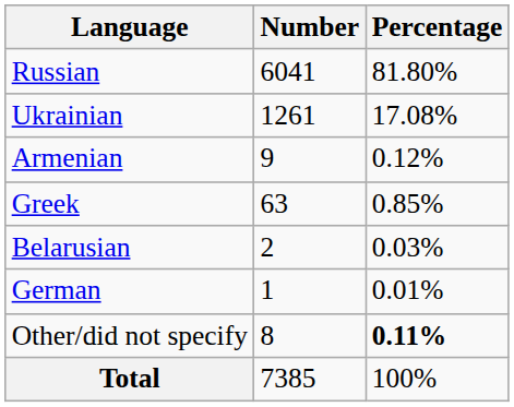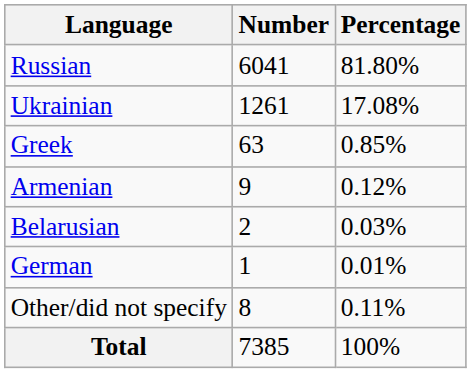 <table class="wikitable sortable’">
 <tr>
 <th>Language</th>
 <th>Number</th>
 <th>Percentage</th>
 </tr>
 <tr>
 <td><a href='#'>Russian</a></td>
 <td>6041</td>
 <td>81.80%</td>
 </tr>
 <tr>
 <td><a href='#'>Ukrainian</a></td>
 <td>1261</td>
 <td>17.08%</td>
 </tr>
 <tr>
+<td><a href='#'>Greek</a></td>
+<td>63</td>
+<td>0.85%</td>
+</tr>
+<tr>
 <td><a href='#'>Armenian</a></td>
 <td>9</td>
 <td>0.12%</td>
-</tr>
-<tr>
-<td><a href='#'>Greek</a></td>
-<td>63</td>
-<td>0.85%</td>
 </tr>
 <tr>
 <td><a href='#'>Belarusian</a></td>
 <td>2</td>
 <td>0.03%</td>
 </tr>
 <tr>
 <td><a href='#'>German</a></td>
 <td>1</td>
 <td>0.01%</td>
 </tr>
 <tr>
 <td>Other/did not specify</td>
 <td>8</td>
-<td><strong>0.11%</strong></td>
+<td>0.11%</td>
 </tr>
 <tr class="sortbottom’">
 <th>Total</th>
 <td>7385</td>
 <td>100%</td>
 </tr>
 </table>
